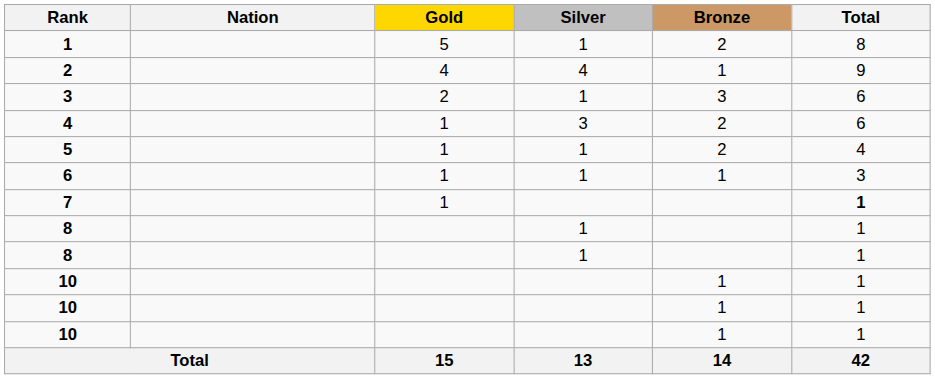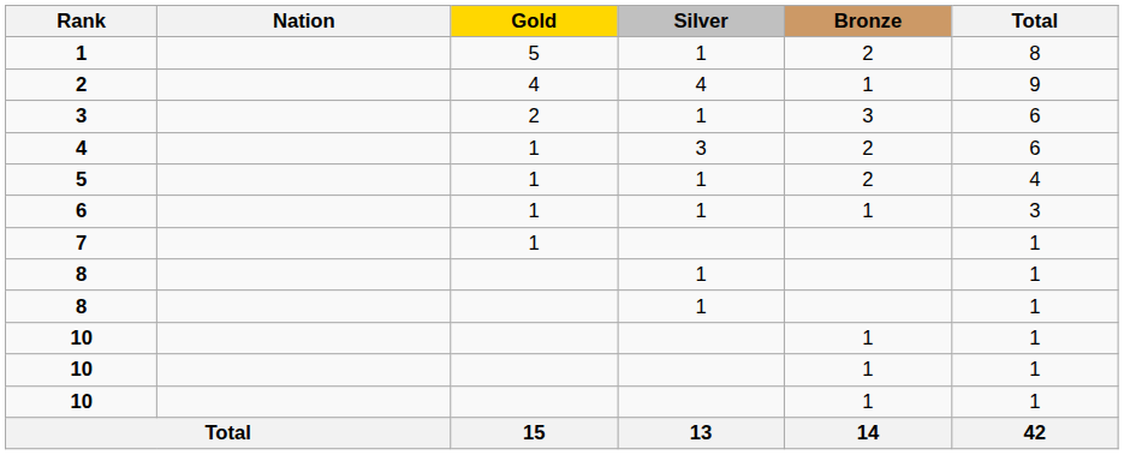 <table class="wikitable collapsible autocollapse plainrowheaders" width=70.5% style="text-align:center;">
 <tr style="background-color:#EDEDED;">
 <th width=100px class="hintergrundfarbe5">Rank</th>
 <th width=200px class="hintergrundfarbe6">Nation</th>
 <th style="background:    gold; width:15%">Gold</th>
 <th style="background:  silver; width:15%">Silver</th>
 <th style="background: #CC9966; width:15%">Bronze</th>
 <th class="hintergrundfarbe6" style="width:15%">Total</th>
 </tr>
 <tr>
 <td><strong>1</strong></td>
 <td align=left></td>
 <td>5</td>
 <td>1</td>
 <td>2</td>
 <td>8</td>
 </tr>
 <tr>
 <td><strong>2</strong></td>
 <td align=left></td>
 <td>4</td>
 <td>4</td>
 <td>1</td>
 <td>9</td>
 </tr>
 <tr>
 <td><strong>3</strong></td>
 <td align=left></td>
 <td>2</td>
 <td>1</td>
 <td>3</td>
 <td>6</td>
 </tr>
 <tr>
 <td><strong>4</strong></td>
 <td align=left></td>
 <td>1</td>
 <td>3</td>
 <td>2</td>
 <td>6</td>
 </tr>
 <tr>
 <td><strong>5</strong></td>
 <td align=left></td>
 <td>1</td>
 <td>1</td>
 <td>2</td>
 <td>4</td>
 </tr>
 <tr>
 <td><strong>6</strong></td>
 <td align=left></td>
 <td>1</td>
 <td>1</td>
 <td>1</td>
 <td>3</td>
 </tr>
 <tr>
 <td><strong>7</strong></td>
 <td align=left></td>
 <td>1</td>
 <td></td>
 <td></td>
-<td><strong>1</strong></td>
+<td>1</td>
 </tr>
 <tr>
 <td><strong>8</strong></td>
 <td align=left></td>
 <td></td>
 <td>1</td>
 <td></td>
 <td>1</td>
 </tr>
 <tr>
 <td><strong>8</strong></td>
 <td align=left></td>
 <td></td>
 <td>1</td>
 <td></td>
 <td>1</td>
 </tr>
 <tr>
 <td><strong>10</strong></td>
 <td align=left></td>
 <td></td>
 <td></td>
 <td>1</td>
 <td>1</td>
 </tr>
 <tr>
 <td><strong>10</strong></td>
 <td align=left></td>
 <td></td>
 <td></td>
 <td>1</td>
 <td>1</td>
 </tr>
 <tr>
 <td><strong>10</strong></td>
 <td align=left></td>
 <td></td>
 <td></td>
 <td>1</td>
 <td>1</td>
 </tr>
 <tr>
 <th colspan=2>Total</th>
 <th>15</th>
 <th>13</th>
 <th>14</th>
 <th>42</th>
 </tr>
 </table>
